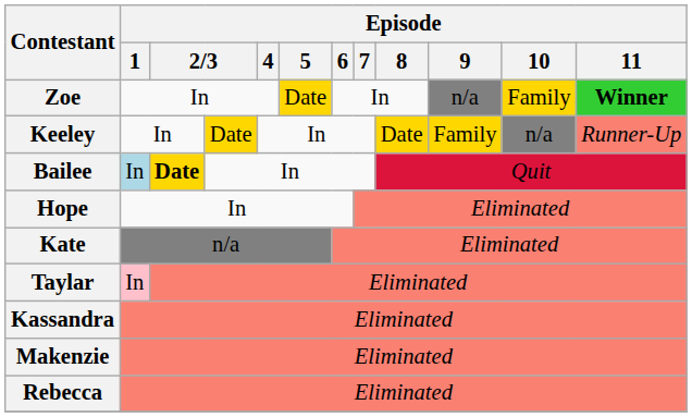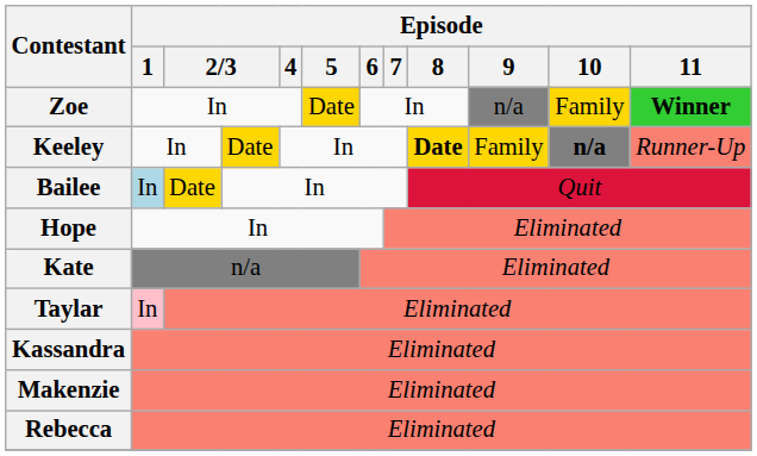 <table class="wikitable" style="text-align:center; font-size:90%;">
 <tr>
 <th rowspan="2">Contestant</th>
 <th colspan="11">Episode</th>
 </tr>
 <tr>
 <th>1</th>
 <th colspan="2">2/3</th>
 <th>4</th>
 <th>5</th>
 <th>6</th>
 <th>7</th>
 <th>8</th>
 <th>9</th>
 <th>10</th>
 <th>11</th>
 </tr>
 <tr>
 <th>Zoe</th>
 <td colspan="4">In</td>
 <td style="background:gold;">Date</td>
 <td colspan="3">In</td>
 <td style="background:gray;">n/a</td>
 <td style="background:gold;">Family</td>
 <td bgcolor="limegreen"><strong>Winner</strong></td>
 </tr>
 <tr>
 <th>Keeley</th>
 <td colspan="2">In</td>
 <td style="background:gold;">Date</td>
 <td colspan="4">In</td>
-<td style="background:gold;">Date</td>
+<td style="background:gold;"><strong>Date</strong></td>
 <td style="background:gold;">Family</td>
-<td style="background:gray;">n/a</td>
+<td style="background:gray;"><strong>n/a</strong></td>
 <td bgcolor="salmon"><em>Runner-Up</em></td>
 </tr>
 <tr>
 <th>Bailee</th>
 <td style="background: lightblue;">In</td>
-<td style="background:gold;"><strong>Date</strong></td>
+<td style="background:gold;">Date</td>
 <td colspan="5">In</td>
 <td style="background:crimson;" colspan="4"><span><em>Quit</em></span></td>
 </tr>
 <tr>
 <th>Hope</th>
 <td colspan="6">In</td>
 <td style="background:salmon;" colspan="5"><em>Eliminated</em></td>
 </tr>
 <tr>
 <th>Kate</th>
 <td style="background:gray;" colspan="5">n/a</td>
 <td style="background:salmon;" colspan="6"><em>Eliminated</em></td>
 </tr>
 <tr>
 <th>Taylar</th>
 <td style="background: pink;">In</td>
 <td style="background:salmon;" colspan="10"><em>Eliminated</em></td>
 </tr>
 <tr>
 <th>Kassandra</th>
 <td style="background:salmon;" colspan="11"><em>Eliminated</em></td>
 </tr>
 <tr>
 <th>Makenzie</th>
 <td style="background:salmon;" colspan="11"><em>Eliminated</em></td>
 </tr>
 <tr>
 <th>Rebecca</th>
 <td style="background:salmon;" colspan="11"><em>Eliminated</em></td>
 </tr>
 <tr>
 </tr>
 </table>
